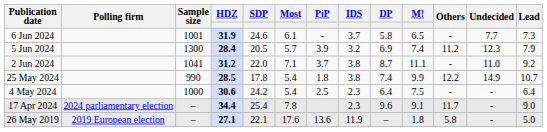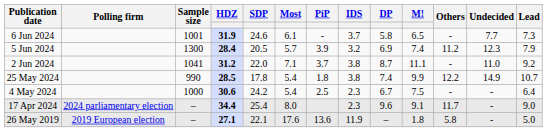 <table class="wikitable mw-collapsible sortable" style="text-align:center;font-size:90%;line-height:14px;">
 <tr>
 <th rowspan="2">Publication<br>date</th>
 <th rowspan="2">Polling firm</th>
 <th rowspan="2">Sample<br>size</th>
 <th class="unsortable" style="width:40px;"><a href='#'>HDZ</a><br></th>
 <th class="unsortable" style="width:40px;"><a href='#'>SDP</a><br></th>
 <th class="unsortable" style="width:40px;"><a href='#'>Most</a><br></th>
 <th class="unsortable" style="width:40px;"><a href='#'>PiP</a><br></th>
 <th class="unsortable" style="width:40px;"><a href='#'>IDS</a><br></th>
 <th class="unsortable" style="width:40px;"><a href='#'>DP</a><br></th>
 <th class="unsortable" style="width:40px;"><a href='#'>M!</a><br></th>
 <th rowspan="2" style="width:40px;">Others</th>
 <th rowspan="2" style="width:40px;">Undecided</th>
 <th rowspan="2" style="width:25px;">Lead</th>
 </tr>
 <tr>
 <th style="background:"></th>
 <th data-sort-type="number" style="background:"></th>
 <th style="background:"></th>
 <th style="background:"></th>
 <th style="background:"></th>
 <th style="background:"></th>
 <th style="background:"></th>
 </tr>
 <tr>
 <td>6 Jun 2024</td>
 <td></td>
 <td>1001</td>
 <td text style="background:#D3DDFF"><strong>31.9</strong><br></td>
 <td>24.6<br></td>
 <td>6.1<br></td>
 <td>-</td>
 <td>3.7<br></td>
 <td>5.8<br></td>
 <td>6.5<br></td>
 <td>-<br></td>
 <td>7.7</td>
 <td style="background:">7.3</td>
 </tr>
 <tr>
 <td>5 Jun 2024</td>
 <td></td>
 <td>1300</td>
 <td text style="background:#D3DDFF"><strong>28.4</strong><br></td>
 <td>20.5<br></td>
 <td>5.7<br></td>
 <td>3.9<br></td>
 <td>3.2<br></td>
 <td>6.9<br></td>
 <td>7.4<br></td>
 <td>11.2</td>
 <td>12.3</td>
 <td style="background:">7.9</td>
 </tr>
 <tr>
 <td>2 Jun 2024</td>
 <td></td>
 <td>1041</td>
 <td text style="background:#D3DDFF"><strong>31.2</strong><br></td>
 <td>22.0<br></td>
 <td>7.1<br></td>
 <td>3.7<br></td>
 <td>3.8<br></td>
 <td>8.7<br></td>
 <td>11.1<br></td>
 <td>-</td>
 <td>11.0</td>
 <td style="background:">9.2</td>
 </tr>
 <tr>
 <td>25 May 2024</td>
 <td></td>
 <td>990</td>
 <td text style="background:#D3DDFF"><strong>28.5</strong><br></td>
 <td>17.8<br></td>
 <td>5.4<br></td>
 <td>1.8<br></td>
 <td>3.8<br></td>
 <td>7.4<br></td>
 <td>9.9<br></td>
 <td>12.2<br></td>
 <td>14.9</td>
 <td style="background:">10.7</td>
 </tr>
 <tr>
 <td>4 May 2024</td>
 <td></td>
 <td>1000</td>
 <td text style="background:#D3DDFF"><strong>30.6</strong><br></td>
 <td>24.2<br></td>
 <td>5.4<br></td>
 <td>2.5<br></td>
 <td>2.3<br></td>
-<td>6.4<br></td>
+<td>6.7<br></td>
 <td>7.5<br></td>
 <td>-</td>
 <td>-</td>
 <td style="background:">6.4</td>
 </tr>
 <tr style="background:#E9E9E9;">
 <td data-sort-value="2024-04-17">17 Apr 2024</td>
 <td><a href='#'>2024 parliamentary election</a></td>
 <td>–</td>
 <td text style="background:#D3DDFF"><strong>34.4</strong></td>
 <td>25.4</td>
-<td>7.8</td>
+<td>8.0</td>
 <td></td>
 <td>2.3</td>
 <td>9.6</td>
 <td>9.1</td>
 <td>11.7<br></td>
 <td>-</td>
 <td style="background:">9.0</td>
 </tr>
 <tr style="background:#E9E9E9;">
 <td data-sort-value="2019-05-26">26 May 2019</td>
 <td><a href='#'>2019 European election</a></td>
 <td>–</td>
 <td text style="background:#D3DDFF"><strong>27.1</strong><br></td>
 <td>22.1<br></td>
 <td>17.6<br></td>
 <td>13.6<br></td>
 <td>11.9<br></td>
 <td>–</td>
 <td>1.8<br></td>
 <td>5.8</td>
 <td>-</td>
 <td style="background:">5.0</td>
 </tr>
 </table>
